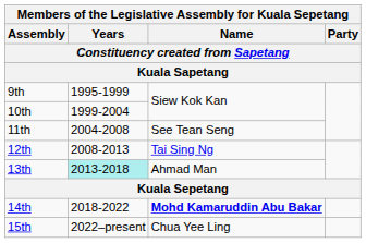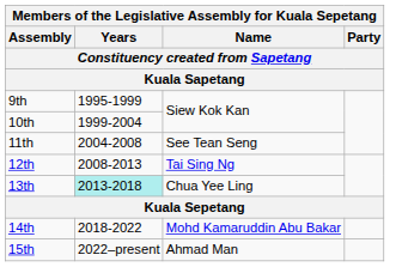 <table class="wikitable">
 <tr>
 <th colspan="4">Members of the Legislative Assembly for Kuala Sepetang</th>
 </tr>
 <tr>
 <th>Assembly</th>
 <th>Years</th>
 <th>Name</th>
 <th>Party</th>
 </tr>
 <tr>
 <th colspan="4"><em>Constituency created from <a href='#'>Sapetang</a></em></th>
 </tr>
 <tr>
 <th colspan=4 align=center>Kuala Sapetang</th>
 </tr>
 <tr>
 <td>9th</td>
 <td>1995-1999</td>
 <td rowspan="2">Siew Kok Kan</td>
 <td rowspan="3"></td>
 </tr>
 <tr>
 <td>10th</td>
 <td>1999-2004</td>
 </tr>
 <tr>
 <td>11th</td>
 <td>2004-2008</td>
 <td>See Tean Seng</td>
 </tr>
 <tr>
 <td><a href='#'>12th</a></td>
 <td>2008-2013</td>
 <td><a href='#'>Tai Sing Ng</a></td>
 <td rowspan="2"></td>
 </tr>
 <tr>
 <td><a href='#'>13th</a></td>
 <td style="background: paleturquoise;">2013-2018</td>
-<td>Ahmad Man</td>
+<td>Chua Yee Ling</td>
 </tr>
 <tr>
 <th colspan=4 align=center>Kuala Sepetang</th>
 </tr>
 <tr>
 <td><a href='#'>14th</a></td>
 <td>2018-2022</td>
-<td><strong><a href='#'>Mohd Kamaruddin Abu Bakar</a></strong></td>
+<td><a href='#'>Mohd Kamaruddin Abu Bakar</a></td>
 <td></td>
 </tr>
 <tr>
 <td><a href='#'>15th</a></td>
 <td>2022–present</td>
-<td>Chua Yee Ling</td>
+<td>Ahmad Man</td>
 <td></td>
 </tr>
 </table>
